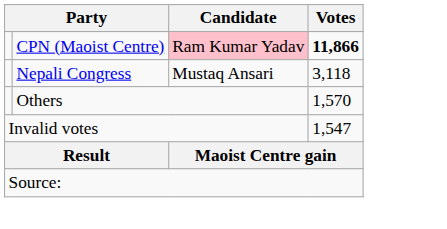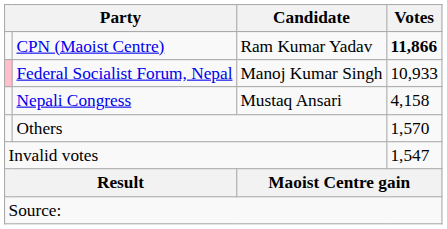 <table class="wikitable">
 <tr>
 <th colspan="2">Party</th>
 <th>Candidate</th>
 <th>Votes</th>
 </tr>
 <tr>
 <td style="background-color:"></td>
 <td><a href='#'>CPN (Maoist Centre)</a></td>
-<td style="background: pink;">Ram Kumar Yadav</td>
+<td>Ram Kumar Yadav</td>
 <td><strong>11,866</strong></td>
+</tr>
+<tr>
+<td style="background-color:pink"></td>
+<td><a href='#'>Federal Socialist Forum, Nepal</a></td>
+<td>Manoj Kumar Singh</td>
+<td>10,933</td>
 </tr>
 <tr>
 <td style="background-color:"></td>
 <td><a href='#'>Nepali Congress</a></td>
 <td>Mustaq Ansari</td>
-<td>3,118</td>
+<td>4,158</td>
 </tr>
 <tr>
 <td></td>
 <td colspan="2">Others</td>
 <td>1,570</td>
 </tr>
 <tr>
 <td colspan="3">Invalid votes</td>
 <td>1,547</td>
 </tr>
 <tr>
 <th colspan="2">Result</th>
 <th colspan="2">Maoist Centre gain</th>
 </tr>
 <tr>
 <td colspan="4">Source: </td>
 </tr>
 </table>
